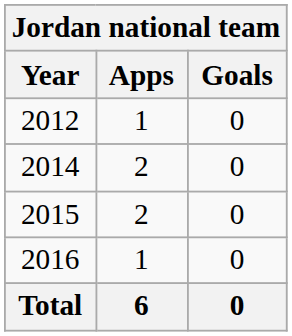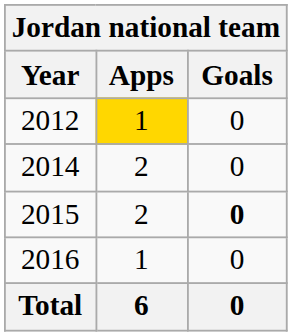 <table class="wikitable" style="text-align:center">
 <tr>
 <th colspan=3>Jordan national team</th>
 </tr>
 <tr>
 <th>Year</th>
 <th>Apps</th>
 <th>Goals</th>
 </tr>
 <tr>
 <td>2012</td>
-<td>1</td>
+<td style="background: gold;">1</td>
 <td>0</td>
 </tr>
 <tr>
 <td>2014</td>
 <td>2</td>
 <td>0</td>
 </tr>
 <tr>
 <td>2015</td>
 <td>2</td>
-<td>0</td>
+<td><strong>0</strong></td>
 </tr>
 <tr>
 <td>2016</td>
 <td>1</td>
 <td>0</td>
 </tr>
 <tr>
 <th>Total</th>
 <th>6</th>
 <th>0</th>
 </tr>
 </table>
